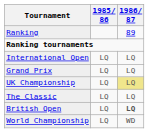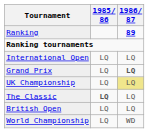 <table class="wikitable" style="font-size:85%;">
 <tr>
 <th>Tournament</th>
 <th><a href='#'>1985/<br>86</a></th>
 <th><a href='#'>1986/<br>87</a></th>
 </tr>
 <tr>
 <td style="background:#EFEFEF;"><a href='#'>Ranking</a></td>
 <td align="center"></td>
-<td align="center"><a href='#'>89</a></td>
+<td align="center"><strong><a href='#'>89</a></strong></td>
 </tr>
 <tr>
 <td colspan="10"><strong>Ranking tournaments</strong></td>
 </tr>
 <tr>
 <td style="background:#EFEFEF;"><a href='#'>International Open</a></td>
 <td align="center" style="color:#555555;">LQ</td>
 <td align="center" style="color:#555555;">LQ</td>
 </tr>
 <tr>
 <td style="background:#EFEFEF;"><a href='#'>Grand Prix</a></td>
 <td align="center" style="color:#555555;">LQ</td>
-<td align="center" style="color:#555555;">LQ</td>
+<td align="center" style="color:#555555;"><strong>LQ</strong></td>
 </tr>
 <tr>
 <td style="background:#EFEFEF;"><a href='#'>UK Championship</a></td>
 <td align="center" style="color:#555555;">LQ</td>
 <td align="center" style="background: khaki; color:#555555;">LQ</td>
 </tr>
 <tr>
 <td style="background:#EFEFEF;"><a href='#'>The Classic</a></td>
-<td align="center" style="color:#555555;">LQ</td>
+<td align="center" style="color:#555555;"><strong>LQ</strong></td>
 <td align="center" style="color:#555555;">LQ</td>
 </tr>
 <tr>
 <td style="background:#EFEFEF;"><a href='#'>British Open</a></td>
 <td align="center" style="color:#555555;">LQ</td>
-<td align="center" style="color:#555555;"><strong>LQ</strong></td>
+<td align="center" style="color:#555555;">LQ</td>
 </tr>
 <tr>
 <td style="background:#EFEFEF;"><a href='#'>World Championship</a></td>
 <td align="center" style="color:#555555;">LQ</td>
 <td align="center" style="color:#555555;">WD</td>
 </tr>
 </table>
